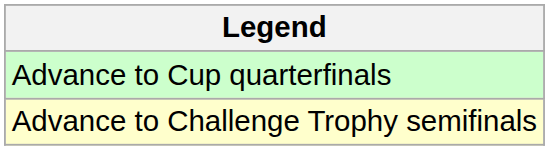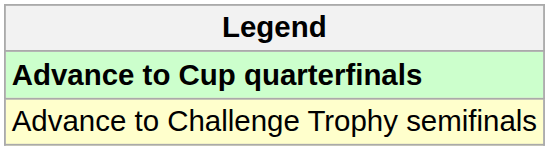 <table class="wikitable">
 <tr>
 <th>Legend</th>
 </tr>
 <tr bgcolor=ccffcc>
-<td>Advance to Cup quarterfinals</td>
+<td><strong>Advance to Cup quarterfinals</strong></td>
 </tr>
 <tr bgcolor=ffffcc>
 <td>Advance to Challenge Trophy semifinals</td>
 </tr>
 </table>
